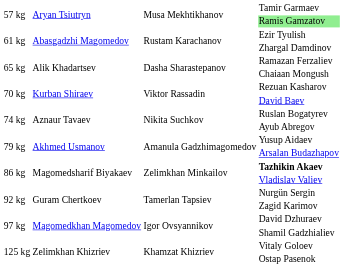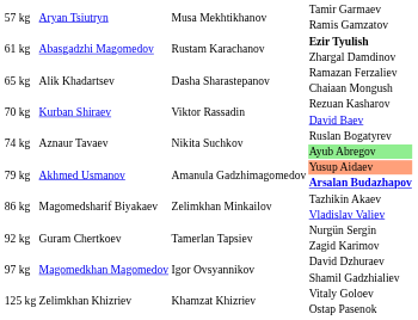 <table>
 <tr>
 <td rowspan=2>57 kg</td>
 <td rowspan=2> <a href='#'>Aryan Tsiutryn</a></td>
 <td rowspan=2> Musa Mekhtikhanov</td>
 <td> Tamir Garmaev</td>
 </tr>
 <tr>
-<td style="background: lightgreen;"> Ramis Gamzatov</td>
+<td> Ramis Gamzatov</td>
 </tr>
 <tr>
 <td rowspan=2>61 kg</td>
 <td rowspan=2> <a href='#'>Abasgadzhi Magomedov</a></td>
 <td rowspan=2> Rustam Karachanov</td>
-<td> Ezir Tyulish</td>
+<td><strong> Ezir Tyulish</strong></td>
 </tr>
 <tr>
 <td> Zhargal Damdinov</td>
 </tr>
 <tr>
 <td rowspan=2>65 kg</td>
 <td rowspan=2> Alik Khadartsev</td>
 <td rowspan=2> Dasha Sharastepanov</td>
 <td> Ramazan Ferzaliev</td>
 </tr>
 <tr>
 <td> Chaiaan Mongush</td>
 </tr>
 <tr>
 <td rowspan=2>70 kg</td>
 <td rowspan=2> <a href='#'>Kurban Shiraev</a></td>
 <td rowspan=2> Viktor Rassadin</td>
 <td> Rezuan Kasharov</td>
 </tr>
 <tr>
 <td> <a href='#'>David Baev</a></td>
 </tr>
 <tr>
 <td rowspan=2>74 kg</td>
 <td rowspan=2> Aznaur Tavaev</td>
 <td rowspan=2> Nikita Suchkov</td>
 <td> Ruslan Bogatyrev</td>
 </tr>
 <tr>
-<td> Ayub Abregov</td>
+<td style="background: lightgreen;"> Ayub Abregov</td>
 </tr>
 <tr>
 <td rowspan=2>79 kg</td>
 <td rowspan=2> <a href='#'>Akhmed Usmanov</a></td>
 <td rowspan=2> Amanula Gadzhimagomedov</td>
-<td> Yusup Aidaev</td>
+<td style="background: lightsalmon;"> Yusup Aidaev</td>
 </tr>
 <tr>
-<td> <a href='#'>Arsalan Budazhapov</a></td>
+<td><strong> <a href='#'>Arsalan Budazhapov</a></strong></td>
 </tr>
 <tr>
 <td rowspan=2>86 kg</td>
 <td rowspan=2> Magomedsharif Biyakaev</td>
 <td rowspan=2> Zelimkhan Minkailov</td>
-<td><strong> Tazhikin Akaev</strong></td>
+<td> Tazhikin Akaev</td>
 </tr>
 <tr>
 <td> <a href='#'>Vladislav Valiev</a></td>
 </tr>
 <tr>
 <td rowspan=2>92 kg</td>
 <td rowspan=2> Guram Chertkoev</td>
 <td rowspan=2> Tamerlan Tapsiev</td>
 <td> Nurgün Sergin</td>
 </tr>
 <tr>
 <td> Zagid Karimov</td>
 </tr>
 <tr>
 <td rowspan=2>97 kg</td>
 <td rowspan=2> <a href='#'>Magomedkhan Magomedov</a></td>
 <td rowspan=2> Igor Ovsyannikov</td>
 <td> David Dzhuraev</td>
 </tr>
 <tr>
 <td> Shamil Gadzhialiev</td>
 </tr>
 <tr>
 <td rowspan=2>125 kg</td>
 <td rowspan=2> Zelimkhan Khizriev</td>
 <td rowspan=2> Khamzat Khizriev</td>
 <td> Vitaly Goloev</td>
 </tr>
 <tr>
 <td> Ostap Pasenok</td>
 </tr>
 </table>
